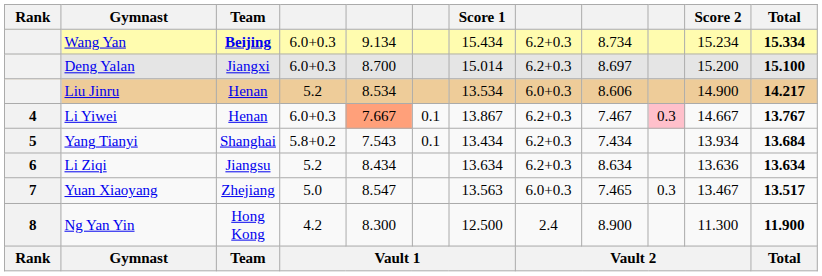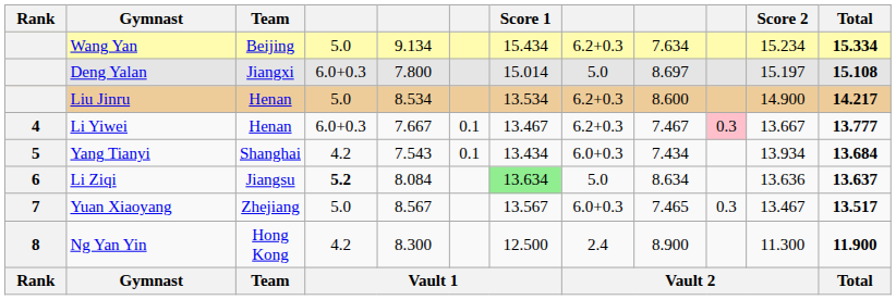 <table class="wikitable sortable" style="text-align:center; font-size:95%">
 <tr>
 <th scope="col" style="width:50px;">Rank</th>
 <th scope="col" style="width:150px;">Gymnast</th>
 <th scope="col" style="width:50px;">Team</th>
 <th scope="col" style="width:60px"></th>
 <th scope="col" style="width:60px;"></th>
 <th scope="col" style="width:30px;"></th>
 <th scope="col" style="width:60px;">Score 1</th>
 <th scope="col" style="width:60px"></th>
 <th scope="col" style="width:60px;"></th>
 <th scope="col" style="width:30px;"></th>
 <th scope="col" style="width:60px;">Score 2</th>
 <th scope="col" style="width:60px">Total</th>
 </tr>
 <tr style="background:#fffcaf;">
 <th scope=row style="text-align:center"></th>
 <td style="text-align:left;"><a href='#'>Wang Yan</a></td>
-<td><strong><a href='#'>Beijing</a></strong></td>
-<td>6.0+0.3</td>
+<td><a href='#'>Beijing</a></td>
+<td>5.0</td>
 <td>9.134</td>
 <td></td>
 <td>15.434</td>
 <td>6.2+0.3</td>
-<td>8.734</td>
+<td>7.634</td>
 <td></td>
 <td>15.234</td>
 <td><strong>15.334</strong></td>
 </tr>
 <tr style="background:#e5e5e5;">
 <th scope=row style="text-align:center"></th>
 <td style="text-align:left;"><a href='#'>Deng Yalan</a></td>
 <td><a href='#'>Jiangxi</a></td>
 <td>6.0+0.3</td>
-<td>8.700</td>
+<td>7.800</td>
 <td></td>
 <td>15.014</td>
-<td>6.2+0.3</td>
+<td>5.0</td>
 <td>8.697</td>
 <td></td>
-<td>15.200</td>
-<td><strong>15.100</strong></td>
+<td>15.197</td>
+<td><strong>15.108</strong></td>
 </tr>
 <tr style="background:#ec9;">
 <th scope=row style="text-align:center"></th>
 <td style="text-align:left;"><a href='#'>Liu Jinru</a></td>
 <td><a href='#'>Henan</a></td>
-<td>5.2</td>
+<td>5.0</td>
 <td>8.534</td>
 <td></td>
 <td>13.534</td>
-<td>6.0+0.3</td>
-<td>8.606</td>
+<td>6.2+0.3</td>
+<td>8.600</td>
 <td></td>
 <td>14.900</td>
 <td><strong>14.217</strong></td>
 </tr>
 <tr>
 <th scope=row style="text-align:center">4</th>
 <td style="text-align:left;"><a href='#'>Li Yiwei</a></td>
 <td><a href='#'>Henan</a></td>
 <td>6.0+0.3</td>
-<td style="background: lightsalmon;">7.667</td>
+<td>7.667</td>
 <td>0.1</td>
-<td>13.867</td>
+<td>13.467</td>
 <td>6.2+0.3</td>
 <td>7.467</td>
 <td style="background: pink;">0.3</td>
-<td>14.667</td>
-<td><strong>13.767</strong></td>
+<td>13.667</td>
+<td><strong>13.777</strong></td>
 </tr>
 <tr>
 <th scope=row style="text-align:center">5</th>
 <td style="text-align:left;"><a href='#'>Yang Tianyi</a></td>
 <td><a href='#'>Shanghai</a></td>
-<td>5.8+0.2</td>
+<td>4.2</td>
 <td>7.543</td>
 <td>0.1</td>
 <td>13.434</td>
-<td>6.2+0.3</td>
+<td>6.0+0.3</td>
 <td>7.434</td>
 <td></td>
 <td>13.934</td>
 <td><strong>13.684</strong></td>
 </tr>
 <tr>
 <th scope=row style="text-align:center">6</th>
 <td style="text-align:left;"><a href='#'>Li Ziqi</a></td>
 <td><a href='#'>Jiangsu</a></td>
-<td>5.2</td>
-<td>8.434</td>
+<td><strong>5.2</strong></td>
+<td>8.084</td>
 <td></td>
-<td>13.634</td>
-<td>6.2+0.3</td>
+<td style="background: lightgreen;">13.634</td>
+<td>5.0</td>
 <td>8.634</td>
 <td></td>
 <td>13.636</td>
-<td><strong>13.634</strong></td>
+<td><strong>13.637</strong></td>
 </tr>
 <tr>
 <th scope=row style="text-align:center">7</th>
 <td style="text-align:left;"><a href='#'>Yuan Xiaoyang</a></td>
 <td><a href='#'>Zhejiang</a></td>
 <td>5.0</td>
-<td>8.547</td>
+<td>8.567</td>
 <td></td>
-<td>13.563</td>
+<td>13.567</td>
 <td>6.0+0.3</td>
 <td>7.465</td>
 <td>0.3</td>
 <td>13.467</td>
 <td><strong>13.517</strong></td>
 </tr>
 <tr>
 <th scope=row style="text-align:center">8</th>
 <td style="text-align:left;"><a href='#'>Ng Yan Yin</a></td>
 <td><a href='#'>Hong Kong</a></td>
 <td>4.2</td>
 <td>8.300</td>
 <td></td>
 <td>12.500</td>
 <td>2.4</td>
 <td>8.900</td>
 <td></td>
 <td>11.300</td>
 <td><strong>11.900</strong></td>
 </tr>
 <tr class="sortbottom">
 <th scope=col>Rank</th>
 <th scope="col" style="width:150px;">Gymnast</th>
 <th scope="col" style="width:50px;">Team</th>
 <th scope=col colspan="4">Vault 1</th>
 <th scope=col colspan="4">Vault 2</th>
 <th scope=col>Total</th>
 </tr>
 </table>
